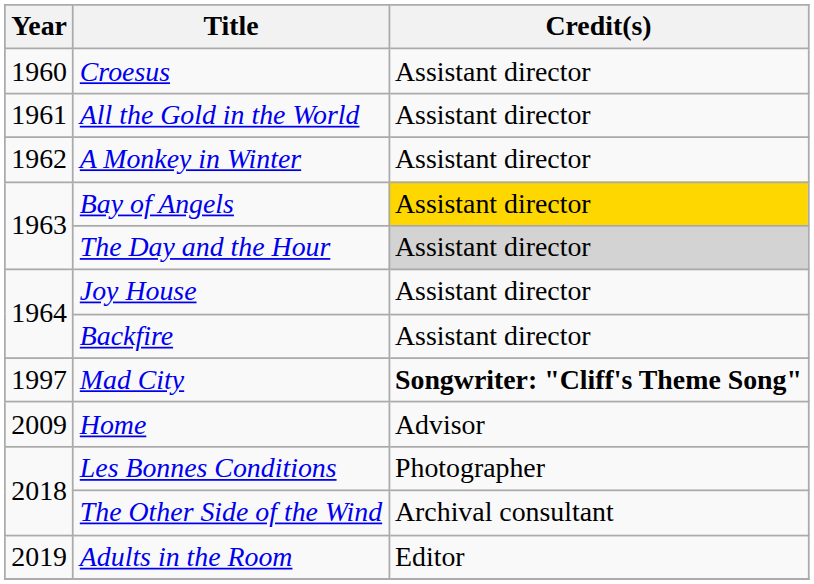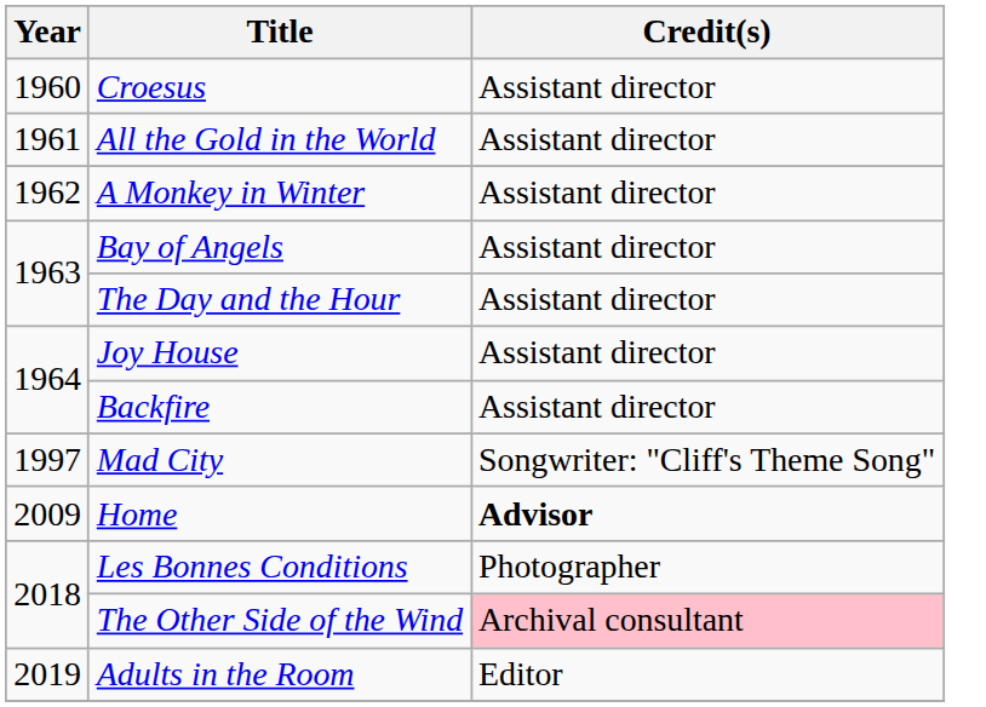 <table class="wikitable">
 <tr>
 <th>Year</th>
 <th>Title</th>
 <th>Credit(s)</th>
 </tr>
 <tr>
 <td>1960</td>
 <td><em><a href='#'>Croesus</a></em></td>
 <td>Assistant director</td>
 </tr>
 <tr>
 <td>1961</td>
 <td><em><a href='#'>All the Gold in the World</a></em></td>
 <td>Assistant director</td>
 </tr>
 <tr>
 <td>1962</td>
 <td><em><a href='#'>A Monkey in Winter</a></em></td>
 <td>Assistant director</td>
 </tr>
 <tr>
 <td rowspan=2>1963</td>
 <td><em><a href='#'>Bay of Angels</a></em></td>
-<td style="background: gold;">Assistant director</td>
+<td>Assistant director</td>
 </tr>
 <tr>
 <td><em><a href='#'>The Day and the Hour</a></em></td>
-<td style="background: lightgrey;">Assistant director</td>
+<td>Assistant director</td>
 </tr>
 <tr>
 <td rowspan=2>1964</td>
 <td><em><a href='#'>Joy House</a></em></td>
 <td>Assistant director</td>
 </tr>
 <tr>
 <td><em><a href='#'>Backfire</a></em></td>
 <td>Assistant director</td>
 </tr>
 <tr>
 <td>1997</td>
 <td><em><a href='#'>Mad City</a></em></td>
-<td><strong>Songwriter: "Cliff's Theme Song"</strong></td>
+<td>Songwriter: "Cliff's Theme Song"</td>
 </tr>
 <tr>
 <td>2009</td>
 <td><em><a href='#'>Home</a></em></td>
-<td>Advisor</td>
+<td><strong>Advisor</strong></td>
 </tr>
 <tr>
 <td rowspan=2>2018</td>
 <td><em><a href='#'>Les Bonnes Conditions</a></em></td>
 <td>Photographer</td>
 </tr>
 <tr>
 <td><em><a href='#'>The Other Side of the Wind</a></em></td>
-<td>Archival consultant</td>
+<td style="background: pink;">Archival consultant</td>
 </tr>
 <tr>
 <td>2019</td>
 <td><em><a href='#'>Adults in the Room</a></em></td>
 <td>Editor</td>
 </tr>
 <tr>
 </tr>
 </table>
